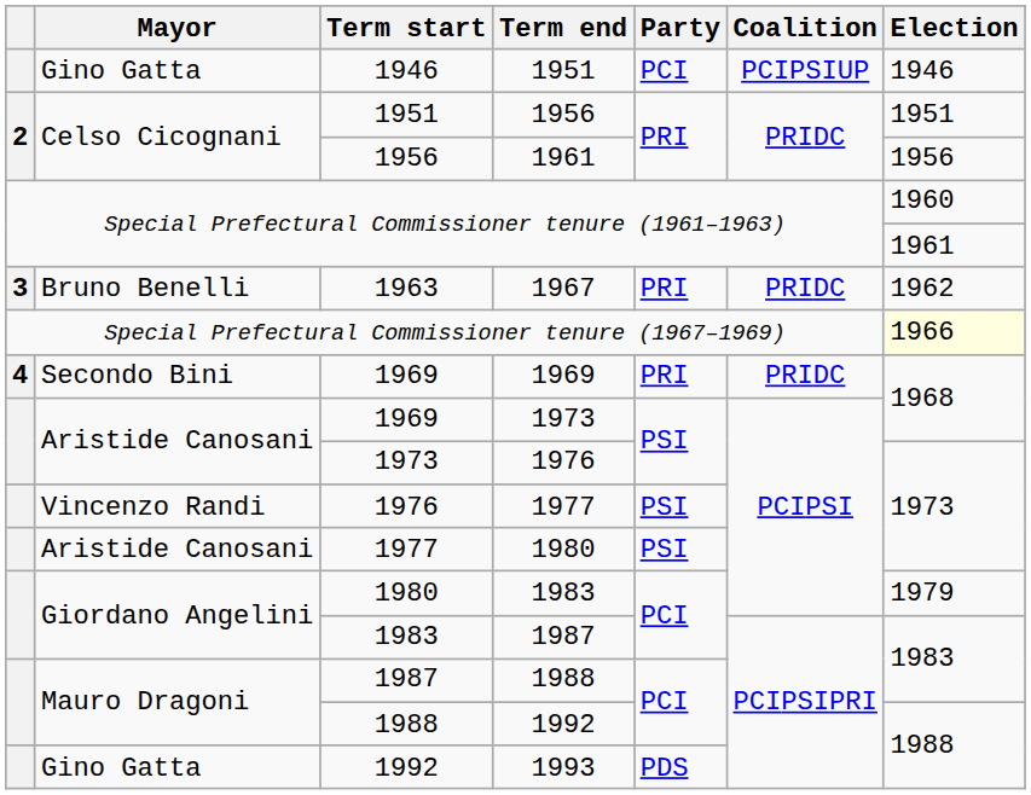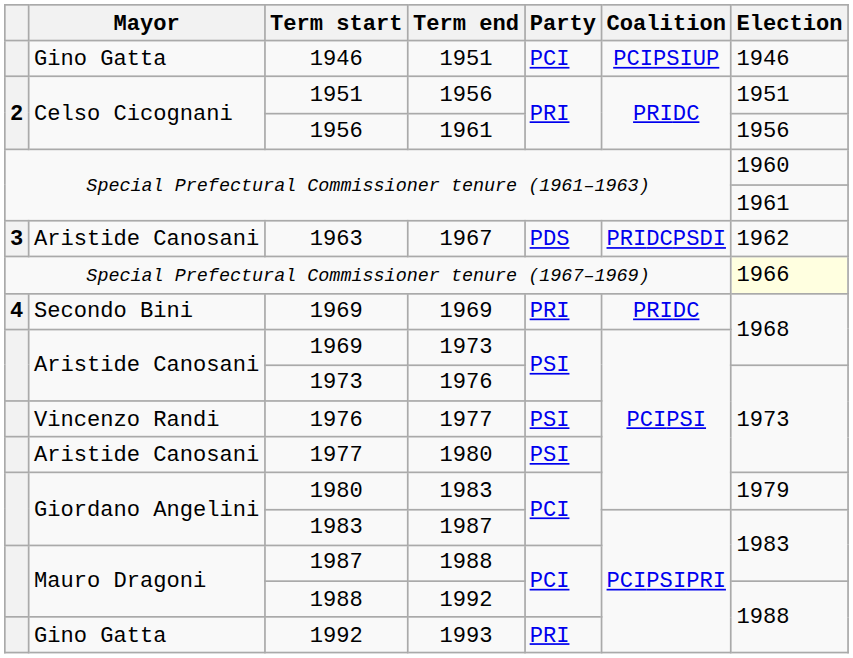 <table class="wikitable">
 <tr>
 <th class=unsortable> </th>
 <th>Mayor</th>
 <th>Term start</th>
 <th>Term end</th>
 <th>Party</th>
 <th>Coalition</th>
 <th>Election</th>
 </tr>
 <tr>
 <th style="background:"></th>
 <td>Gino Gatta</td>
 <td align=center>1946</td>
 <td align=center>1951</td>
 <td><a href='#'>PCI</a></td>
 <td align=center><a href='#'>PCI</a><a href='#'>PSIUP</a></td>
 <td>1946</td>
 </tr>
 <tr>
 <th rowspan=2 style="background:">2</th>
 <td rowspan=2>Celso Cicognani</td>
 <td align=center>1951</td>
 <td align=center>1956</td>
 <td rowspan=2><a href='#'>PRI</a></td>
 <td rowspan=2 align=center><a href='#'>PRI</a><a href='#'>DC</a></td>
 <td>1951</td>
 </tr>
 <tr>
 <td align=center>1956</td>
 <td align=center>1961</td>
 <td>1956</td>
 </tr>
 <tr>
 <td colspan=6 rowspan=2 align=center><small><em>Special Prefectural Commissioner tenure (1961–1963)</em></small></td>
 <td>1960</td>
 </tr>
 <tr>
 <td>1961</td>
 </tr>
 <tr>
 <th style="background:">3</th>
-<td>Bruno Benelli</td>
+<td>Aristide Canosani</td>
 <td align=center>1963</td>
 <td align=center>1967</td>
-<td><a href='#'>PRI</a></td>
-<td align=center><a href='#'>PRI</a><a href='#'>DC</a></td>
+<td><a href='#'>PDS</a></td>
+<td align=center><a href='#'>PRI</a><a href='#'>DC</a><a href='#'>PSDI</a></td>
 <td>1962</td>
 </tr>
 <tr>
 <td colspan=6 align=center><small><em>Special Prefectural Commissioner tenure (1967–1969)</em></small></td>
 <td style="background: lightyellow;">1966</td>
 </tr>
 <tr>
 <th style="background:">4</th>
 <td>Secondo Bini</td>
 <td align=center>1969</td>
 <td align=center>1969</td>
 <td><a href='#'>PRI</a></td>
 <td align=center><a href='#'>PRI</a><a href='#'>DC</a></td>
 <td rowspan=2>1968</td>
 </tr>
 <tr>
 <th rowspan=2 style="background:"></th>
 <td rowspan=2>Aristide Canosani</td>
 <td align=center>1969</td>
 <td align=center>1973</td>
 <td rowspan=2><a href='#'>PSI</a></td>
 <td rowspan=5 align=center><a href='#'>PCI</a><a href='#'>PSI</a></td>
 </tr>
 <tr>
 <td align=center>1973</td>
 <td align=center>1976</td>
 <td rowspan=3>1973</td>
 </tr>
 <tr>
 <th style="background:"></th>
 <td>Vincenzo Randi</td>
 <td align=center>1976</td>
 <td align=center>1977</td>
 <td><a href='#'>PSI</a></td>
 </tr>
 <tr>
 <th style="background:"></th>
 <td>Aristide Canosani</td>
 <td align=center>1977</td>
 <td align=center>1980</td>
 <td><a href='#'>PSI</a></td>
 </tr>
 <tr>
 <th rowspan=2 style="background:"></th>
 <td rowspan=2>Giordano Angelini</td>
 <td align=center>1980</td>
 <td align=center>1983</td>
 <td rowspan=2><a href='#'>PCI</a></td>
 <td>1979</td>
 </tr>
 <tr>
 <td align=center>1983</td>
 <td align=center>1987</td>
 <td rowspan=4 align=center><a href='#'>PCI</a><a href='#'>PSI</a><a href='#'>PRI</a></td>
 <td rowspan=2>1983</td>
 </tr>
 <tr>
 <th rowspan=2 style="background:"></th>
 <td rowspan=2>Mauro Dragoni</td>
 <td align=center>1987</td>
 <td align=center>1988</td>
 <td rowspan=2><a href='#'>PCI</a></td>
 </tr>
 <tr>
 <td align=center>1988</td>
 <td align=center>1992</td>
 <td rowspan=2>1988</td>
 </tr>
 <tr>
 <th style="background:"></th>
 <td>Gino Gatta</td>
 <td align=center>1992</td>
 <td align=center>1993</td>
-<td><a href='#'>PDS</a></td>
+<td><a href='#'>PRI</a></td>
 </tr>
 </table>
